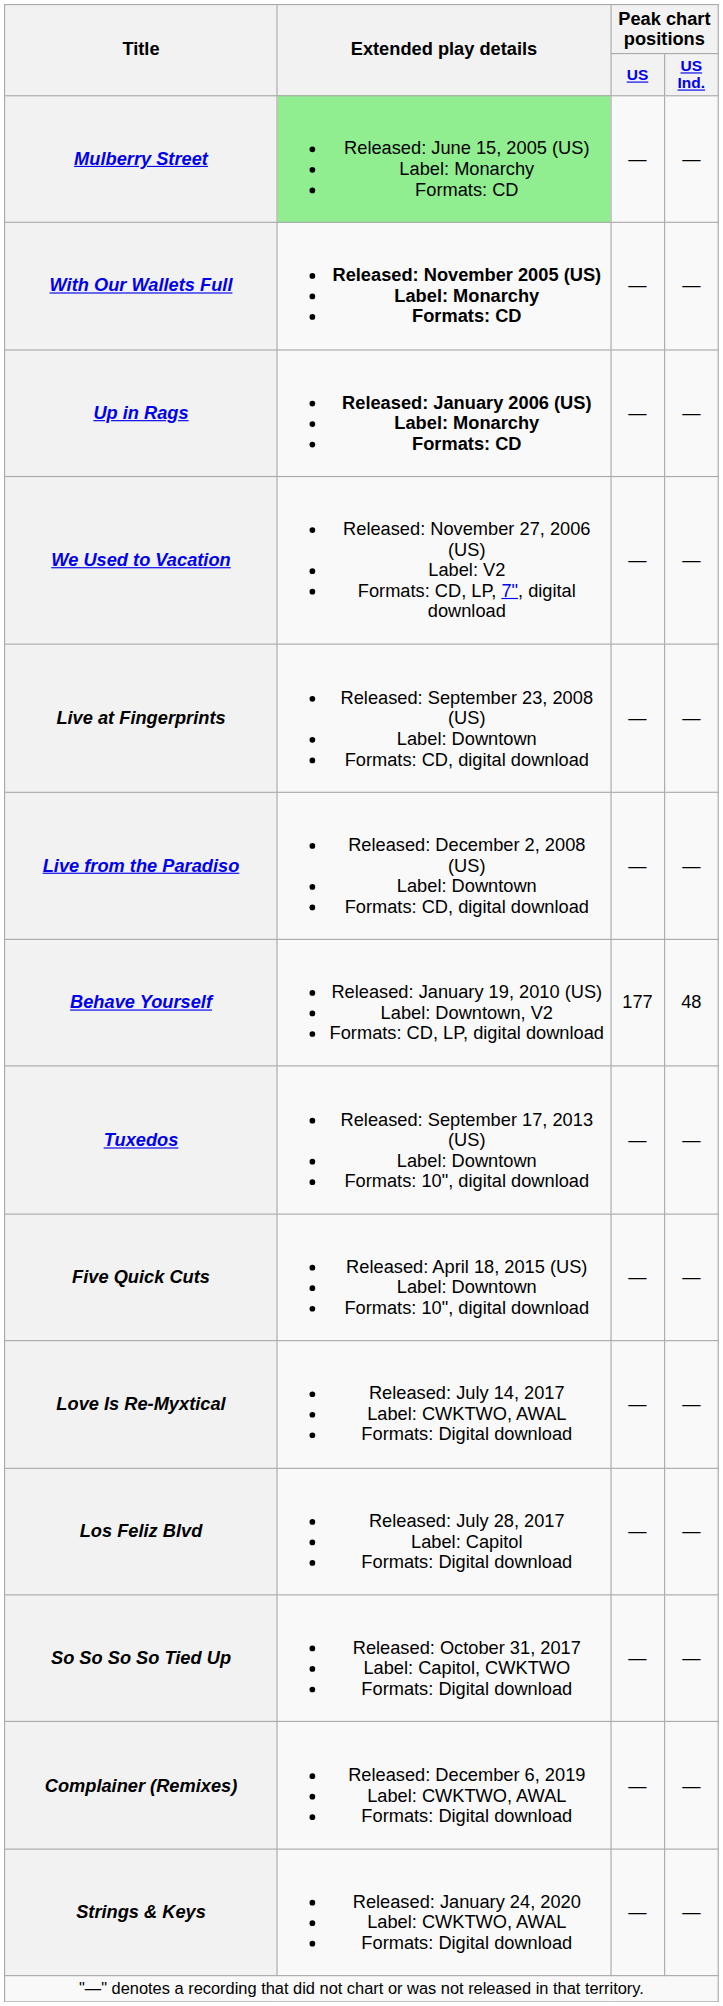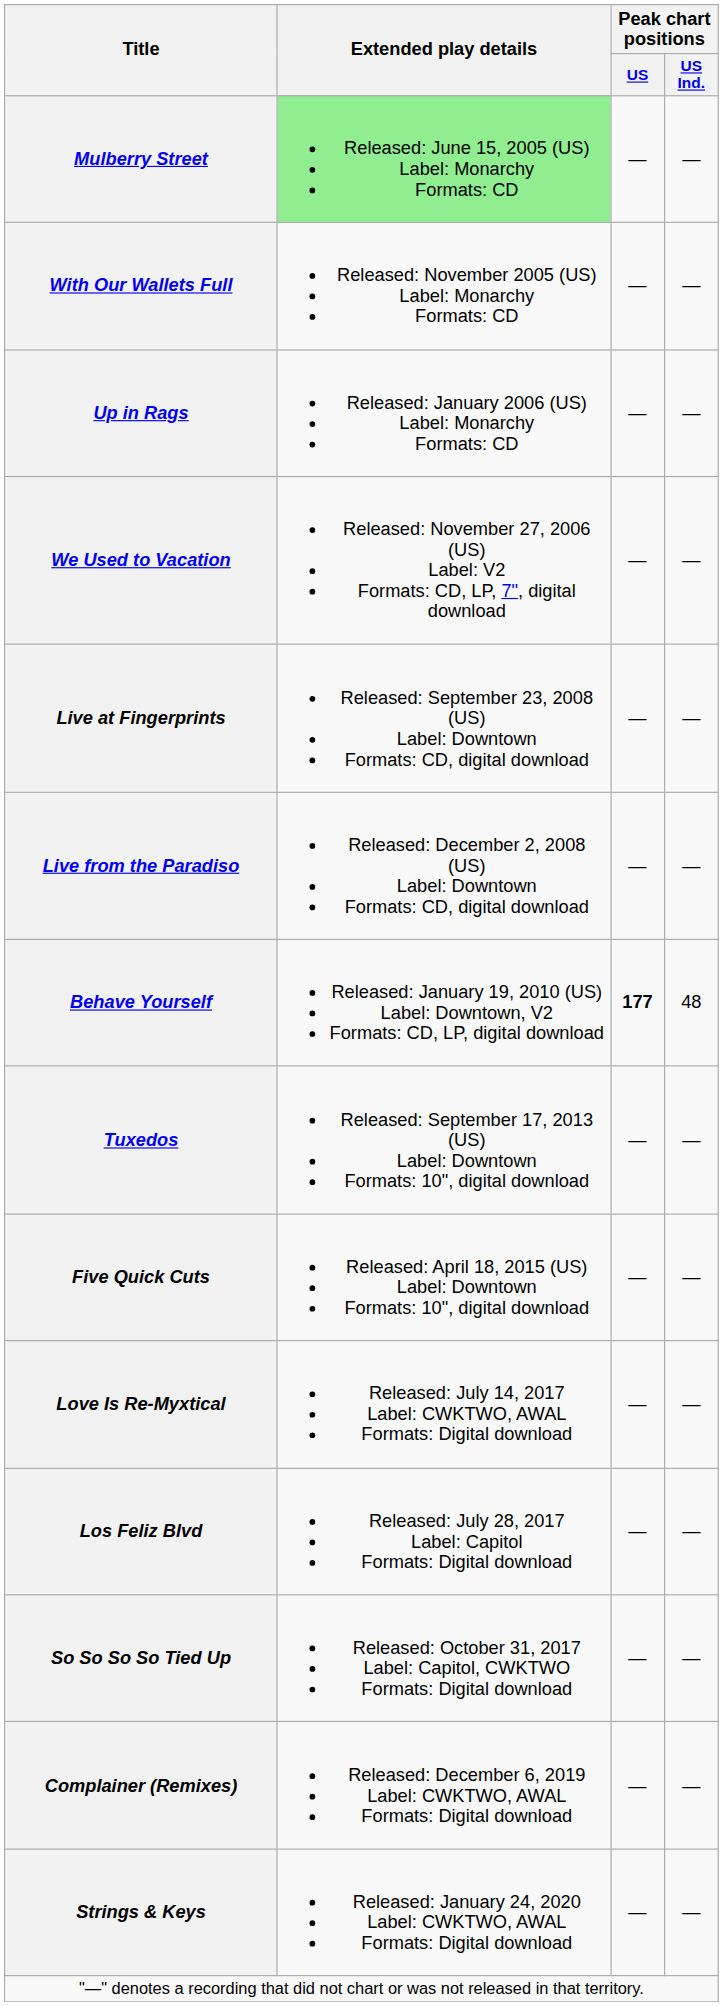 <table class="wikitable plainrowheaders" style="text-align:center;">
 <tr>
 <th scope="col" rowspan="2" style="width:14.5em;">Title</th>
 <th scope="col" rowspan="2" style="width:17.8em;">Extended play details</th>
 <th scope="col" colspan="2">Peak chart positions</th>
 </tr>
 <tr>
 <th scope="col" style="width:3em;font-size:85%;"><a href='#'>US</a><br></th>
 <th scope="col" style="width:3em;font-size:85%;"><a href='#'>US<br>Ind.</a><br></th>
 </tr>
 <tr>
 <th scope="row"><em><a href='#'>Mulberry Street</a></em></th>
 <td style="background: lightgreen;"><br><ul><li>Released: June 15, 2005 <span>(US)</span></li><li>Label: Monarchy</li><li>Formats: CD</li></ul></td>
 <td>—</td>
 <td>—</td>
 </tr>
 <tr>
 <th scope="row"><em><a href='#'>With Our Wallets Full</a></em></th>
-<td><strong><br><ul><li>Released: November 2005 <span>(US)</span></li><li>Label: Monarchy</li><li>Formats: CD</li></ul></strong></td>
+<td><br><ul><li>Released: November 2005 <span>(US)</span></li><li>Label: Monarchy</li><li>Formats: CD</li></ul></td>
 <td>—</td>
 <td>—</td>
 </tr>
 <tr>
 <th scope="row"><em><a href='#'>Up in Rags</a></em></th>
-<td><strong><br><ul><li>Released: January 2006 <span>(US)</span></li><li>Label: Monarchy</li><li>Formats: CD</li></ul></strong></td>
+<td><br><ul><li>Released: January 2006 <span>(US)</span></li><li>Label: Monarchy</li><li>Formats: CD</li></ul></td>
 <td>—</td>
 <td>—</td>
 </tr>
 <tr>
 <th scope="row"><em><a href='#'>We Used to Vacation</a></em></th>
 <td><br><ul><li>Released: November 27, 2006 <span>(US)</span></li><li>Label: V2</li><li>Formats: CD, LP, <a href='#'>7"</a>, digital download</li></ul></td>
 <td>—</td>
 <td>—</td>
 </tr>
 <tr>
 <th scope="row"><em>Live at Fingerprints</em></th>
 <td><br><ul><li>Released: September 23, 2008 <span>(US)</span></li><li>Label: Downtown</li><li>Formats: CD, digital download</li></ul></td>
 <td>—</td>
 <td>—</td>
 </tr>
 <tr>
 <th scope="row"><em><a href='#'>Live from the Paradiso</a></em></th>
 <td><br><ul><li>Released: December 2, 2008 <span>(US)</span></li><li>Label: Downtown</li><li>Formats: CD, digital download</li></ul></td>
 <td>—</td>
 <td>—</td>
 </tr>
 <tr>
 <th scope="row"><em><a href='#'>Behave Yourself</a></em></th>
 <td><br><ul><li>Released: January 19, 2010 <span>(US)</span></li><li>Label: Downtown, V2</li><li>Formats: CD, LP, digital download</li></ul></td>
-<td>177</td>
+<td><strong>177</strong></td>
 <td>48</td>
 </tr>
 <tr>
 <th scope="row"><em><a href='#'>Tuxedos</a></em></th>
 <td><br><ul><li>Released: September 17, 2013 <span>(US)</span></li><li>Label: Downtown</li><li>Formats: 10", digital download</li></ul></td>
 <td>—</td>
 <td>—</td>
 </tr>
 <tr>
 <th scope="row"><em>Five Quick Cuts</em></th>
 <td><br><ul><li>Released: April 18, 2015 <span>(US)</span></li><li>Label: Downtown</li><li>Formats: 10", digital download</li></ul></td>
 <td>—</td>
 <td>—</td>
 </tr>
 <tr>
 <th scope="row"><em>Love Is Re-Myxtical</em></th>
 <td><br><ul><li>Released: July 14, 2017</li><li>Label: CWKTWO, AWAL</li><li>Formats: Digital download</li></ul></td>
 <td>—</td>
 <td>—</td>
 </tr>
 <tr>
 <th scope="row"><em>Los Feliz Blvd</em></th>
 <td><br><ul><li>Released: July 28, 2017</li><li>Label: Capitol</li><li>Formats: Digital download</li></ul></td>
 <td>—</td>
 <td>—</td>
 </tr>
 <tr>
 <th scope="row"><em>So So So So Tied Up</em></th>
 <td><br><ul><li>Released: October 31, 2017</li><li>Label: Capitol, CWKTWO</li><li>Formats: Digital download</li></ul></td>
 <td>—</td>
 <td>—</td>
 </tr>
 <tr>
 <th scope="row"><em>Complainer (Remixes)</em></th>
 <td><br><ul><li>Released: December 6, 2019</li><li>Label: CWKTWO, AWAL</li><li>Formats: Digital download</li></ul></td>
 <td>—</td>
 <td>—</td>
 </tr>
 <tr>
 <th scope="row"><em>Strings & Keys</em></th>
 <td><br><ul><li>Released: January 24, 2020</li><li>Label: CWKTWO, AWAL</li><li>Formats: Digital download</li></ul></td>
 <td>—</td>
 <td>—</td>
 </tr>
 <tr>
 <td colspan="5" style="font-size:90%">"—" denotes a recording that did not chart or was not released in that territory.</td>
 </tr>
 </table>
